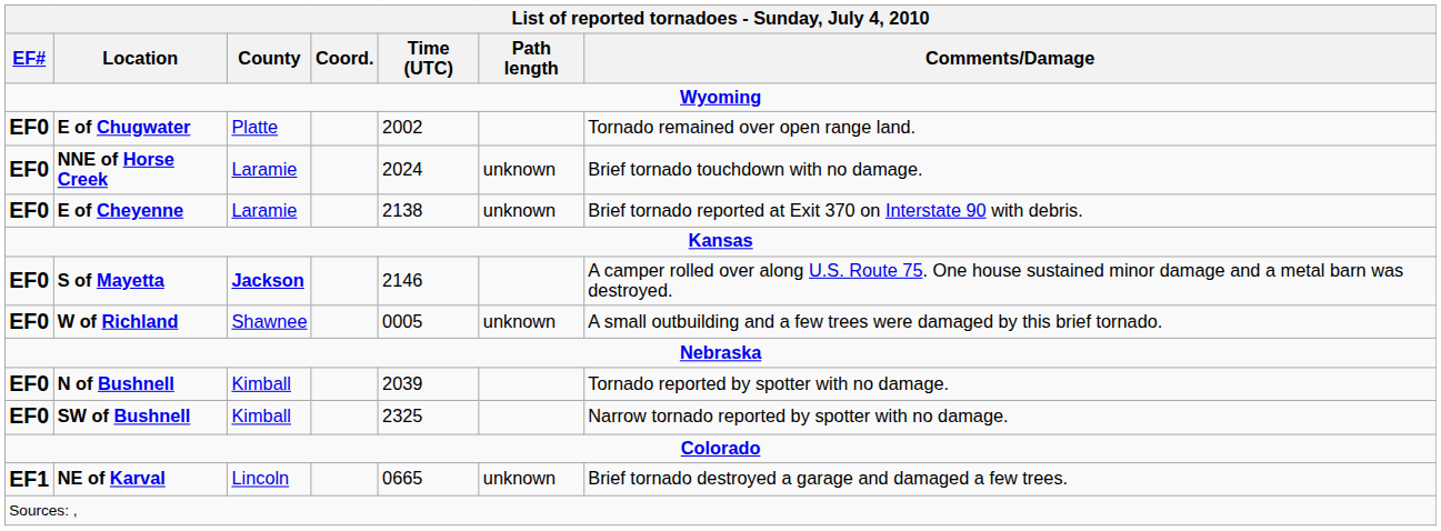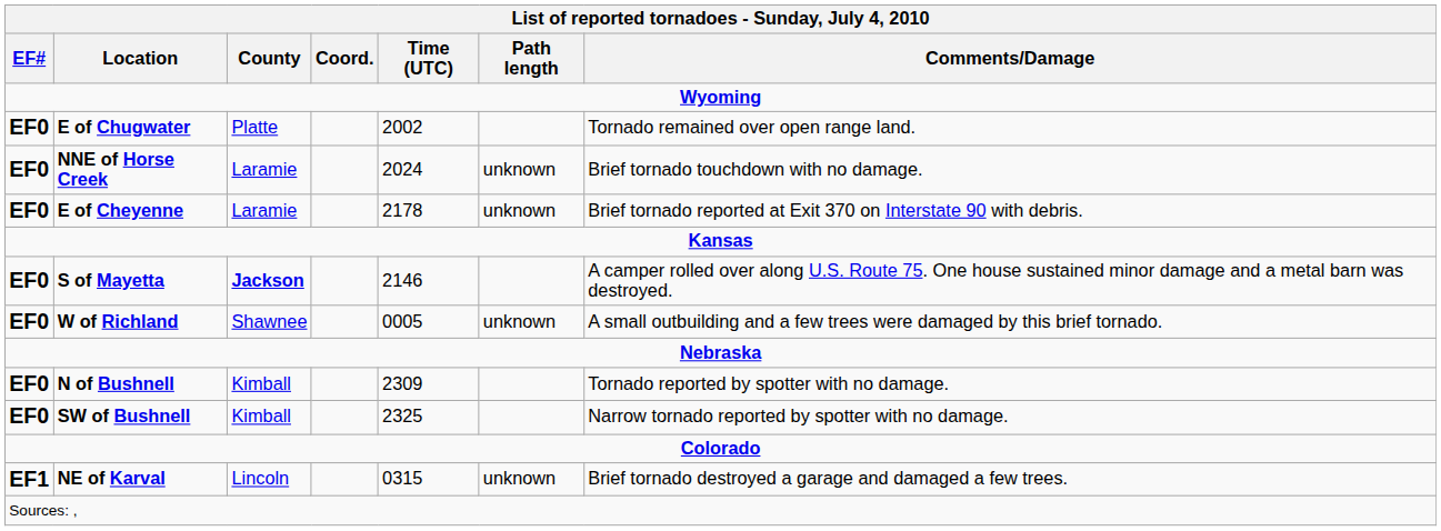 <table class="wikitable collapsible" style="width:100%;">
 <tr>
 <th colspan="7">List of reported tornadoes - Sunday, July 4, 2010</th>
 </tr>
 <tr>
 <th><a href='#'>EF#</a></th>
 <th>Location</th>
 <th>County</th>
 <th>Coord.</th>
 <th>Time (UTC)</th>
 <th>Path length</th>
 <th>Comments/Damage</th>
 </tr>
 <tr>
 <td colspan="7" style="text-align:center;"><strong><a href='#'>Wyoming</a></strong></td>
 </tr>
 <tr>
 <td><big><strong>EF0</strong></big></td>
 <td><strong>E of <a href='#'>Chugwater</a></strong></td>
 <td><a href='#'>Platte</a></td>
 <td></td>
 <td>2002</td>
 <td></td>
 <td>Tornado remained over open range land.</td>
 </tr>
 <tr>
 <td><big><strong>EF0</strong></big></td>
 <td><strong>NNE of <a href='#'>Horse Creek</a></strong></td>
 <td><a href='#'>Laramie</a></td>
 <td></td>
 <td>2024</td>
 <td>unknown</td>
 <td>Brief tornado touchdown with no damage.</td>
 </tr>
 <tr>
 <td><big><strong>EF0</strong></big></td>
 <td><strong>E of <a href='#'>Cheyenne</a></strong></td>
 <td><a href='#'>Laramie</a></td>
 <td></td>
-<td>2138</td>
+<td>2178</td>
 <td>unknown</td>
 <td>Brief tornado reported at Exit 370 on <a href='#'>Interstate 90</a> with debris.</td>
 </tr>
 <tr>
 <td colspan="7" style="text-align:center;"><strong><a href='#'>Kansas</a></strong></td>
 </tr>
 <tr>
 <td><big><strong>EF0</strong></big></td>
 <td><strong>S of <a href='#'>Mayetta</a></strong></td>
 <td><strong><a href='#'>Jackson</a></strong></td>
 <td></td>
 <td>2146</td>
 <td></td>
 <td>A camper rolled over along <a href='#'>U.S. Route 75</a>. One house sustained minor damage and a metal barn was destroyed.</td>
 </tr>
 <tr>
 <td><big><strong>EF0</strong></big></td>
 <td><strong>W of <a href='#'>Richland</a></strong></td>
 <td><a href='#'>Shawnee</a></td>
 <td></td>
 <td>0005</td>
 <td>unknown</td>
 <td>A small outbuilding and a few trees were damaged by this brief tornado.</td>
 </tr>
 <tr>
 <td colspan="7" style="text-align:center;"><strong><a href='#'>Nebraska</a></strong></td>
 </tr>
 <tr>
 <td><big><strong>EF0</strong></big></td>
 <td><strong>N of <a href='#'>Bushnell</a></strong></td>
 <td><a href='#'>Kimball</a></td>
 <td></td>
-<td>2039</td>
+<td>2309</td>
 <td></td>
 <td>Tornado reported by spotter with no damage.</td>
 </tr>
 <tr>
 <td><big><strong>EF0</strong></big></td>
 <td><strong>SW of <a href='#'>Bushnell</a></strong></td>
 <td><a href='#'>Kimball</a></td>
 <td></td>
 <td>2325</td>
 <td></td>
 <td>Narrow tornado reported by spotter with no damage.</td>
 </tr>
 <tr>
 <td colspan="7" style="text-align:center;"><strong><a href='#'>Colorado</a></strong></td>
 </tr>
 <tr>
 <td><big><strong>EF1</strong></big></td>
 <td><strong>NE of <a href='#'>Karval</a></strong></td>
 <td><a href='#'>Lincoln</a></td>
 <td></td>
-<td>0665</td>
+<td>0315</td>
 <td>unknown</td>
 <td>Brief tornado destroyed a garage and damaged a few trees.</td>
 </tr>
 <tr>
 <td colspan="7"><small>Sources: , </small></td>
 </tr>
 </table>
